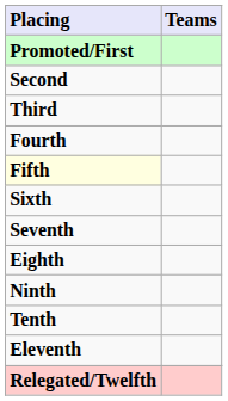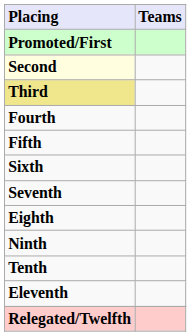 <table class=wikitable>
 <tr>
 </tr>
 <tr style="background: #E6E6FA;">
 <td><strong>Placing</strong></td>
 <td colspan="4" style="text-align:center"><strong>Teams</strong></td>
 </tr>
 <tr style="background: #ccffcc;">
 <td><strong>Promoted/First</strong></td>
 <td colspan=2><strong></strong></td>
 </tr>
 <tr>
-<td><strong>Second</strong></td>
+<td style="background: lightyellow;"><strong>Second</strong></td>
 <td colspan=2></td>
 </tr>
 <tr>
-<td><strong>Third</strong></td>
+<td style="background: khaki;"><strong>Third</strong></td>
 <td colspan=2></td>
 </tr>
 <tr>
 <td><strong>Fourth</strong></td>
 <td colspan=2></td>
 </tr>
 <tr>
-<td style="background: lightyellow;"><strong>Fifth</strong></td>
+<td><strong>Fifth</strong></td>
 <td colspan=2></td>
 </tr>
 <tr>
 <td><strong>Sixth</strong></td>
 <td colspan=2></td>
 </tr>
 <tr>
 <td><strong>Seventh</strong></td>
 <td colspan=2></td>
 </tr>
 <tr>
 <td><strong>Eighth</strong></td>
 <td colspan=2></td>
 </tr>
 <tr>
 <td><strong>Ninth</strong></td>
 <td colspan=2></td>
 </tr>
 <tr>
 <td><strong>Tenth</strong></td>
 <td colspan=2></td>
 </tr>
 <tr>
 <td><strong>Eleventh</strong></td>
 <td colspan=2></td>
 </tr>
 <tr>
 </tr>
 <tr style="background: #ffcccc;">
 <td><strong>Relegated/Twelfth</strong></td>
 <td colspan=2><em></em></td>
 </tr>
 </table>
